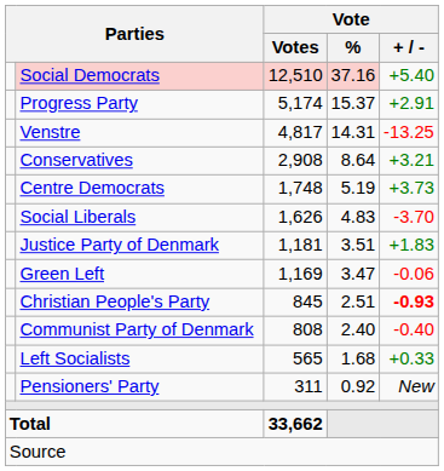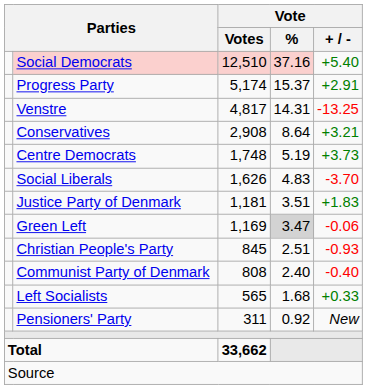 <table class="wikitable" style="text-align:right;">
 <tr>
 <th style="text-align:centre;" rowspan="2" colspan="2" width="225">Parties</th>
 <th colspan="3">Vote</th>
 </tr>
 <tr>
 <th width="15">Votes</th>
 <th width="15">%</th>
 <th width="15">+ / -</th>
 </tr>
 <tr>
 <td width="2" style="color:inherit;background:"></td>
 <td bgcolor=#fbd0ce  align="left"><a href='#'>Social Democrats</a></td>
 <td bgcolor=#fbd0ce>12,510</td>
 <td bgcolor=#fbd0ce>37.16</td>
 <td style=color:green;>+5.40</td>
 </tr>
 <tr>
 <td width="2" style="color:inherit;background:"></td>
 <td align="left"><a href='#'>Progress Party</a></td>
 <td>5,174</td>
 <td>15.37</td>
 <td style=color:green;>+2.91</td>
 </tr>
 <tr>
 <td width="2" style="color:inherit;background:"></td>
 <td align="left"><a href='#'>Venstre</a></td>
 <td>4,817</td>
 <td>14.31</td>
 <td style=color:red;>-13.25</td>
 </tr>
 <tr>
 <td width="2" style="color:inherit;background:"></td>
 <td align="left"><a href='#'>Conservatives</a></td>
 <td>2,908</td>
 <td>8.64</td>
 <td style=color:green;>+3.21</td>
 </tr>
 <tr>
 <td width="2" style="color:inherit;background:"></td>
 <td align="left"><a href='#'>Centre Democrats</a></td>
 <td>1,748</td>
 <td>5.19</td>
 <td style=color:green;>+3.73</td>
 </tr>
 <tr>
 <td width="2" style="color:inherit;background:"></td>
 <td align="left"><a href='#'>Social Liberals</a></td>
 <td>1,626</td>
 <td>4.83</td>
 <td style=color:red;>-3.70</td>
 </tr>
 <tr>
 <td width="2" style="color:inherit;background:"></td>
 <td align="left"><a href='#'>Justice Party of Denmark</a></td>
 <td>1,181</td>
 <td>3.51</td>
 <td style=color:green;>+1.83</td>
 </tr>
 <tr>
 <td width="2" style="color:inherit;background:"></td>
 <td align="left"><a href='#'>Green Left</a></td>
 <td>1,169</td>
-<td>3.47</td>
+<td style="background: lightgrey;">3.47</td>
 <td style=color:red;>-0.06</td>
 </tr>
 <tr>
 <td width="2" style="color:inherit;background:"></td>
 <td align="left"><a href='#'>Christian People's Party</a></td>
 <td>845</td>
 <td>2.51</td>
-<td style=color:red;><strong>-0.93</strong></td>
+<td style=color:red;>-0.93</td>
 </tr>
 <tr>
 <td width="2" style="color:inherit;background:"></td>
 <td align="left"><a href='#'>Communist Party of Denmark</a></td>
 <td>808</td>
 <td>2.40</td>
 <td style=color:red;>-0.40</td>
 </tr>
 <tr>
 <td width="2" style="color:inherit;background:"></td>
 <td align="left"><a href='#'>Left Socialists</a></td>
 <td>565</td>
 <td>1.68</td>
 <td style=color:green;>+0.33</td>
 </tr>
 <tr>
 <td width="2" style="color:inherit;background:"></td>
 <td align="left"><a href='#'>Pensioners' Party</a></td>
 <td>311</td>
 <td>0.92</td>
 <td><em>New</em></td>
 </tr>
 <tr>
 <td colspan="7" bgcolor="#E9E9E9"></td>
 </tr>
 <tr>
 <td align="left" colspan="2"><strong>Total</strong></td>
 <td><strong>33,662</strong></td>
 <td bgcolor="#E9E9E9" colspan="2"></td>
 </tr>
 <tr>
 <td align="left" colspan="6">Source</td>
 </tr>
 </table>
